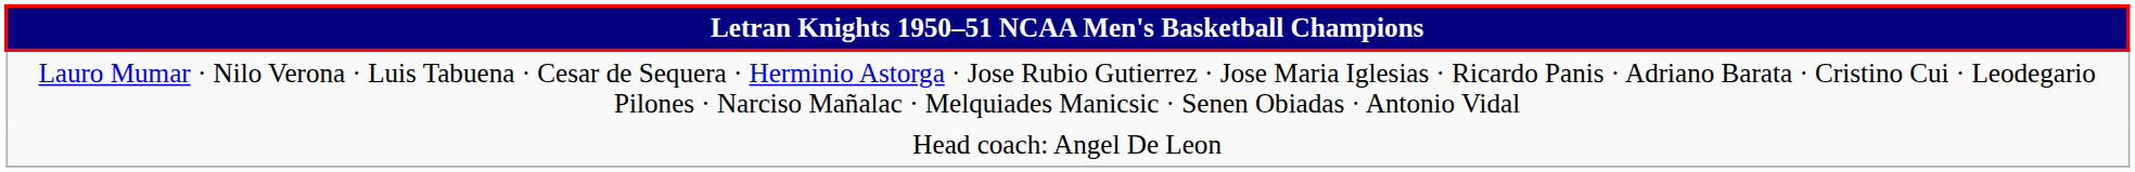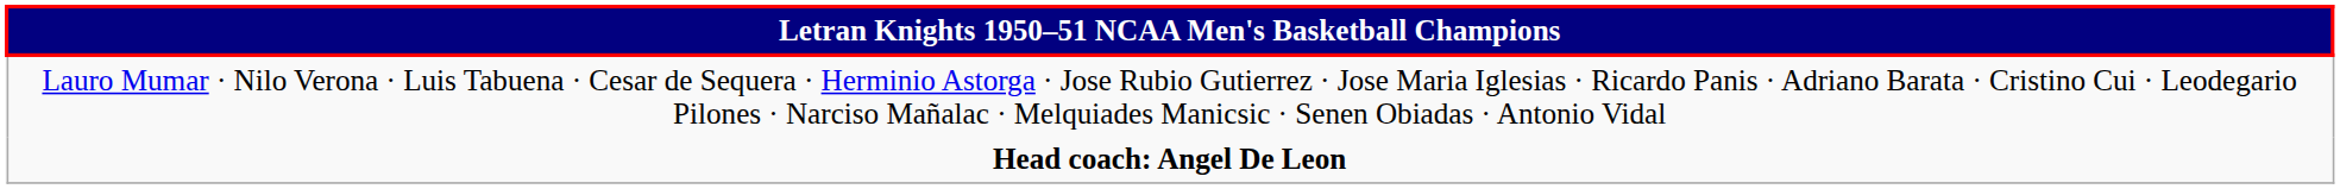 <table class="wikitable" style="text-align: center">
 <tr>
 <th style = "background:#020080; border:2px solid red; color:white">Letran Knights 1950–51 NCAA Men's Basketball Champions</th>
 </tr>
 <tr>
 <td style="border-style: none none none none;"><a href='#'>Lauro Mumar</a> · Nilo Verona · Luis Tabuena · Cesar de Sequera · <a href='#'>Herminio Astorga</a> · Jose Rubio Gutierrez · Jose Maria Iglesias · Ricardo Panis · Adriano Barata · Cristino Cui · Leodegario Pilones · Narciso Mañalac · Melquiades Manicsic · Senen Obiadas · Antonio Vidal</td>
 </tr>
 <tr>
-<td style="border-style: none none none none;">Head coach: Angel De Leon</td>
+<td style="border-style: none none none none;"><strong>Head coach: Angel De Leon</strong></td>
 </tr>
 </table>
